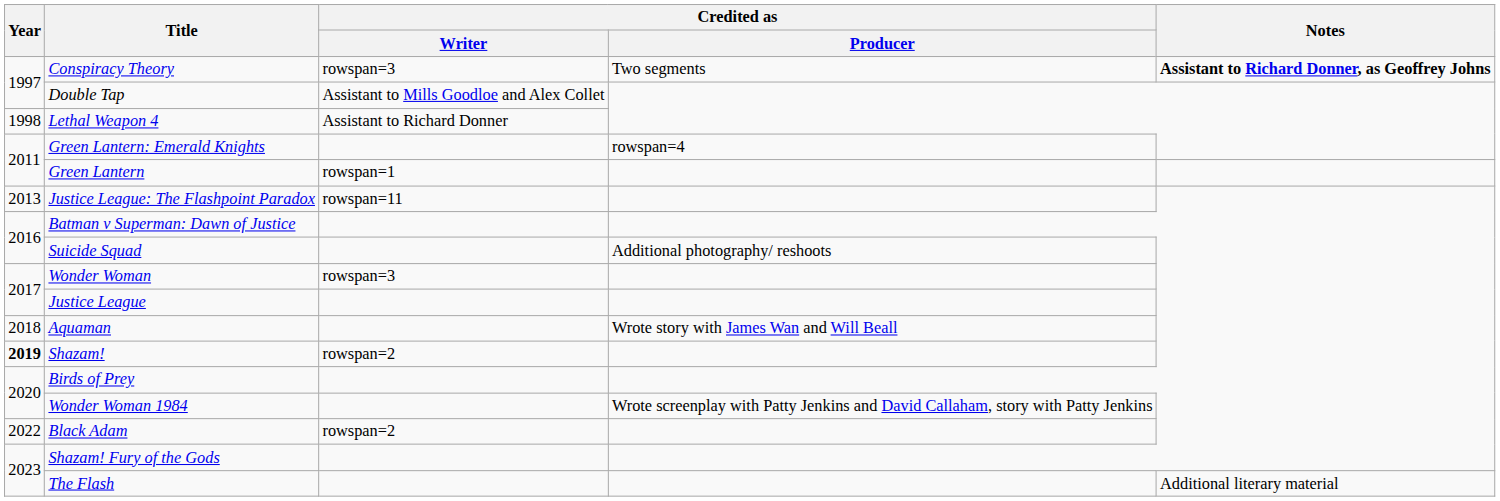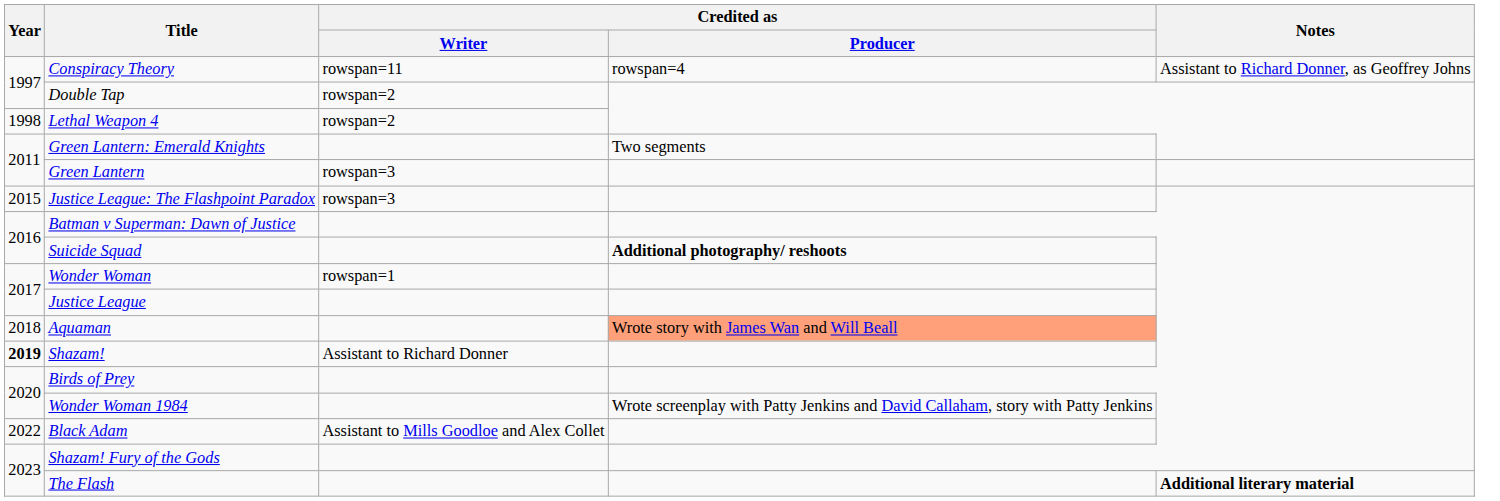 <table class="wikitable">
 <tr>
 <th rowspan=2>Year</th>
 <th rowspan=2>Title</th>
 <th colspan=2>Credited as</th>
 <th rowspan=2>Notes</th>
 </tr>
 <tr>
 <th><a href='#'>Writer</a></th>
 <th><a href='#'>Producer</a></th>
 </tr>
 <tr>
 <td rowspan=2>1997</td>
 <td><em><a href='#'>Conspiracy Theory</a></em></td>
-<td>rowspan=3 </td>
-<td>Two segments</td>
-<td><strong>Assistant to <a href='#'>Richard Donner</a>, as Geoffrey Johns</strong></td>
+<td>rowspan=11 </td>
+<td>rowspan=4 </td>
+<td>Assistant to <a href='#'>Richard Donner</a>, as Geoffrey Johns</td>
 </tr>
 <tr>
 <td><em>Double Tap</em></td>
-<td>Assistant to <a href='#'>Mills Goodloe</a> and Alex Collet</td>
+<td>rowspan=2 </td>
 </tr>
 <tr>
 <td>1998</td>
 <td><em><a href='#'>Lethal Weapon 4</a></em></td>
-<td>Assistant to Richard Donner</td>
+<td>rowspan=2 </td>
 </tr>
 <tr>
 <td rowspan=2>2011</td>
 <td><em><a href='#'>Green Lantern: Emerald Knights</a></em></td>
 <td></td>
-<td>rowspan=4 </td>
+<td>Two segments</td>
 </tr>
 <tr>
 <td><em><a href='#'>Green Lantern</a></em></td>
-<td>rowspan=1 </td>
+<td>rowspan=3 </td>
 <td></td>
 <td></td>
 </tr>
 <tr>
-<td>2013</td>
+<td>2015</td>
 <td><em><a href='#'>Justice League: The Flashpoint Paradox</a></em></td>
-<td>rowspan=11 </td>
+<td>rowspan=3 </td>
 <td></td>
 </tr>
 <tr>
 <td rowspan=2>2016</td>
 <td><em><a href='#'>Batman v Superman: Dawn of Justice</a></em></td>
 <td></td>
 </tr>
 <tr>
 <td><em><a href='#'>Suicide Squad</a></em></td>
 <td></td>
-<td>Additional photography/ reshoots</td>
+<td><strong>Additional photography/ reshoots</strong></td>
 </tr>
 <tr>
 <td rowspan=2>2017</td>
 <td><em><a href='#'>Wonder Woman</a></em></td>
-<td>rowspan=3 </td>
+<td>rowspan=1 </td>
 <td></td>
 </tr>
 <tr>
 <td><em><a href='#'>Justice League</a></em></td>
 <td></td>
 <td></td>
 </tr>
 <tr>
 <td>2018</td>
 <td><em><a href='#'>Aquaman</a></em></td>
 <td></td>
-<td>Wrote story with <a href='#'>James Wan</a> and <a href='#'>Will Beall</a></td>
+<td style="background: lightsalmon;">Wrote story with <a href='#'>James Wan</a> and <a href='#'>Will Beall</a></td>
 </tr>
 <tr>
 <td><strong>2019</strong></td>
 <td><em><a href='#'>Shazam!</a></em></td>
-<td>rowspan=2 </td>
+<td>Assistant to Richard Donner</td>
 <td></td>
 </tr>
 <tr>
 <td rowspan=2>2020</td>
 <td><em><a href='#'>Birds of Prey</a></em></td>
 <td></td>
 </tr>
 <tr>
 <td><em><a href='#'>Wonder Woman 1984</a></em></td>
 <td></td>
 <td>Wrote screenplay with Patty Jenkins and <a href='#'>David Callaham</a>, story with Patty Jenkins</td>
 </tr>
 <tr>
 <td>2022</td>
 <td><em><a href='#'>Black Adam</a></em></td>
-<td>rowspan=2 </td>
+<td>Assistant to <a href='#'>Mills Goodloe</a> and Alex Collet</td>
 <td></td>
 </tr>
 <tr>
 <td rowspan=2>2023</td>
 <td><em><a href='#'>Shazam! Fury of the Gods</a></em></td>
 <td></td>
 </tr>
 <tr>
 <td><em><a href='#'>The Flash</a></em></td>
 <td></td>
 <td></td>
-<td>Additional literary material</td>
+<td><strong>Additional literary material</strong></td>
 </tr>
 </table>
